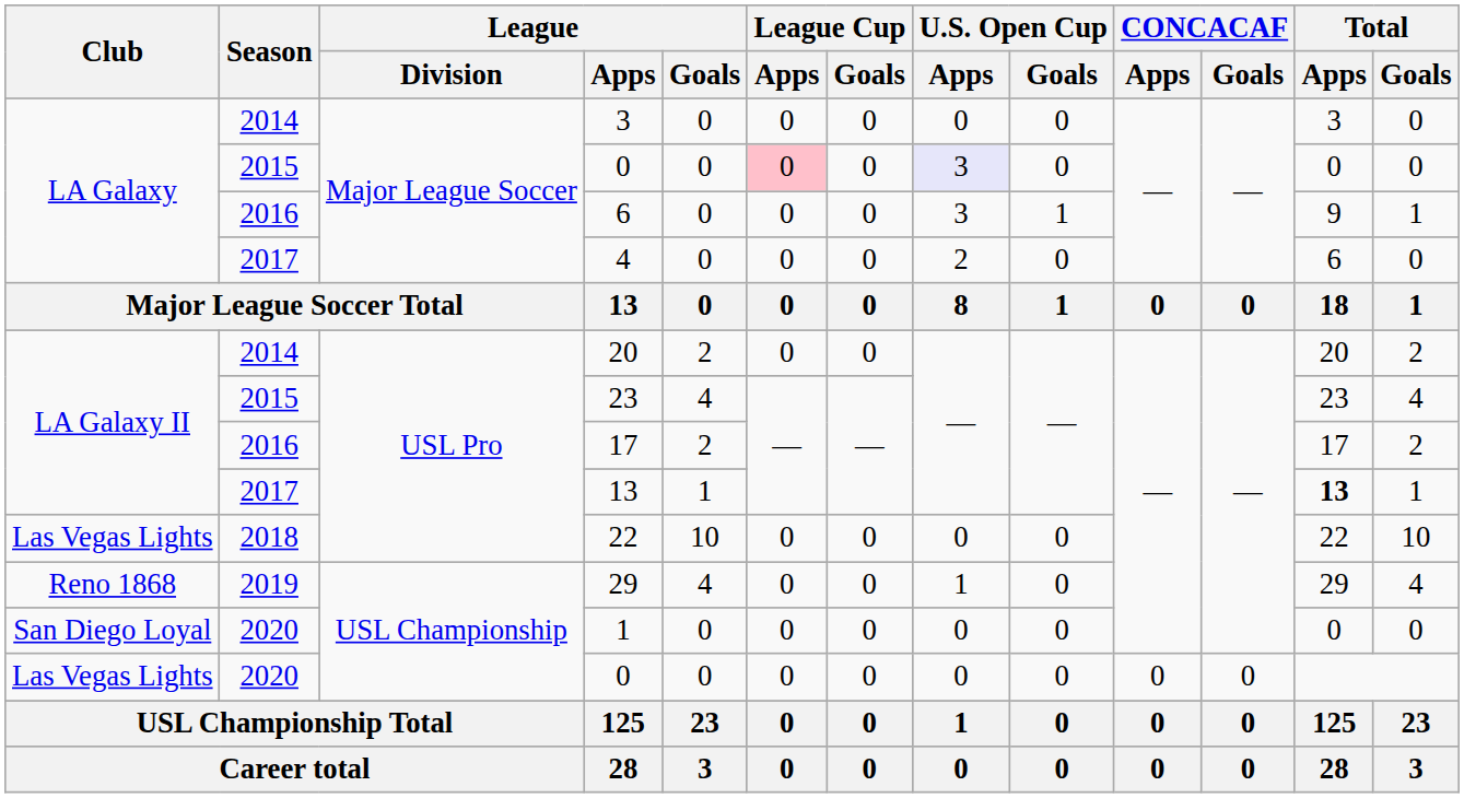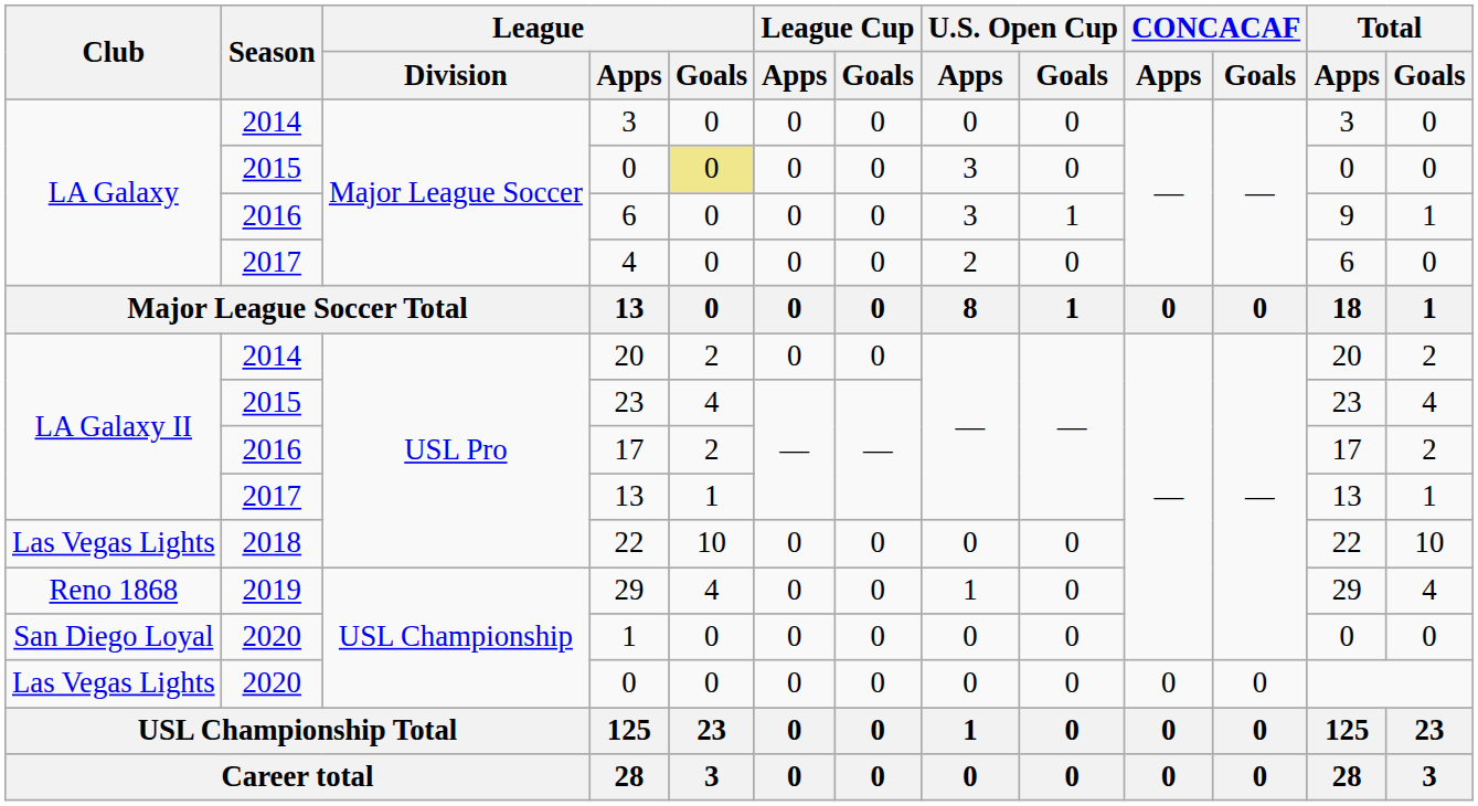 <table class="wikitable" style="text-align: center;">
 <tr>
 <th rowspan="2">Club</th>
 <th rowspan="2">Season</th>
 <th colspan="3">League</th>
 <th colspan="2">League Cup</th>
 <th colspan="2">U.S. Open Cup</th>
 <th colspan="2"><a href='#'>CONCACAF</a></th>
 <th colspan="2">Total</th>
 </tr>
 <tr>
 <th>Division</th>
 <th>Apps</th>
 <th>Goals</th>
 <th>Apps</th>
 <th>Goals</th>
 <th>Apps</th>
 <th>Goals</th>
 <th>Apps</th>
 <th>Goals</th>
 <th>Apps</th>
 <th>Goals</th>
 </tr>
 <tr>
 <td rowspan="4"><a href='#'>LA Galaxy</a></td>
 <td><a href='#'>2014</a></td>
 <td rowspan="4"><a href='#'>Major League Soccer</a></td>
 <td>3</td>
 <td>0</td>
 <td>0</td>
 <td>0</td>
 <td>0</td>
 <td>0</td>
 <td rowspan="4">—</td>
 <td rowspan="4">—</td>
 <td>3</td>
 <td>0</td>
 </tr>
 <tr>
 <td><a href='#'>2015</a></td>
 <td>0</td>
+<td style="background: khaki;">0</td>
 <td>0</td>
-<td style="background: pink;">0</td>
 <td>0</td>
-<td style="background: lavender;">3</td>
+<td>3</td>
 <td>0</td>
 <td>0</td>
 <td>0</td>
 </tr>
 <tr>
 <td><a href='#'>2016</a></td>
 <td>6</td>
 <td>0</td>
 <td>0</td>
 <td>0</td>
 <td>3</td>
 <td>1</td>
 <td>9</td>
 <td>1</td>
 </tr>
 <tr>
 <td><a href='#'>2017</a></td>
 <td>4</td>
 <td>0</td>
 <td>0</td>
 <td>0</td>
 <td>2</td>
 <td>0</td>
 <td>6</td>
 <td>0</td>
 </tr>
 <tr>
 <th colspan="3">Major League Soccer Total</th>
 <th>13</th>
 <th>0</th>
 <th>0</th>
 <th>0</th>
 <th>8</th>
 <th>1</th>
 <th>0</th>
 <th>0</th>
 <th>18</th>
 <th>1</th>
 </tr>
 <tr>
 <td rowspan="4"><a href='#'>LA Galaxy II</a></td>
 <td><a href='#'>2014</a></td>
 <td rowspan="5"><a href='#'>USL Pro</a></td>
 <td>20</td>
 <td>2</td>
 <td>0</td>
 <td>0</td>
 <td rowspan="4">—</td>
 <td rowspan="4">—</td>
 <td rowspan="7">—</td>
 <td rowspan="7">—</td>
 <td>20</td>
 <td>2</td>
 </tr>
 <tr>
 <td><a href='#'>2015</a></td>
 <td>23</td>
 <td>4</td>
 <td rowspan="3">—</td>
 <td rowspan="3">—</td>
 <td>23</td>
 <td>4</td>
 </tr>
 <tr>
 <td><a href='#'>2016</a></td>
 <td>17</td>
 <td>2</td>
 <td>17</td>
 <td>2</td>
 </tr>
 <tr>
 <td><a href='#'>2017</a></td>
 <td>13</td>
 <td>1</td>
-<td><strong>13</strong></td>
+<td>13</td>
 <td>1</td>
 </tr>
 <tr>
 <td><a href='#'>Las Vegas Lights</a></td>
 <td><a href='#'>2018</a></td>
 <td>22</td>
 <td>10</td>
 <td>0</td>
 <td>0</td>
 <td>0</td>
 <td>0</td>
 <td>22</td>
 <td>10</td>
 </tr>
 <tr>
 <td><a href='#'>Reno 1868</a></td>
 <td><a href='#'>2019</a></td>
 <td rowspan="3"><a href='#'>USL Championship</a></td>
 <td>29</td>
 <td>4</td>
 <td>0</td>
 <td>0</td>
 <td>1</td>
 <td>0</td>
 <td>29</td>
 <td>4</td>
 </tr>
 <tr>
 <td><a href='#'>San Diego Loyal</a></td>
 <td><a href='#'>2020</a></td>
 <td>1</td>
 <td>0</td>
 <td>0</td>
 <td>0</td>
 <td>0</td>
 <td>0</td>
 <td>0</td>
 <td>0</td>
 </tr>
 <tr>
 <td><a href='#'>Las Vegas Lights</a></td>
 <td><a href='#'>2020</a></td>
 <td>0</td>
 <td>0</td>
 <td>0</td>
 <td>0</td>
 <td>0</td>
 <td>0</td>
 <td>0</td>
 <td>0</td>
 </tr>
 <tr>
 <th colspan="3">USL Championship Total</th>
 <th>125</th>
 <th>23</th>
 <th>0</th>
 <th>0</th>
 <th>1</th>
 <th>0</th>
 <th>0</th>
 <th>0</th>
 <th>125</th>
 <th>23</th>
 </tr>
 <tr>
 <th colspan="3">Career total</th>
 <th>28</th>
 <th>3</th>
 <th>0</th>
 <th>0</th>
 <th>0</th>
 <th>0</th>
 <th>0</th>
 <th>0</th>
 <th>28</th>
 <th>3</th>
 </tr>
 </table>
